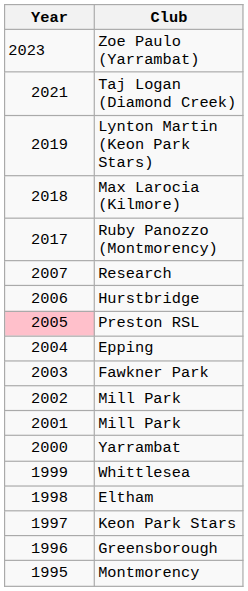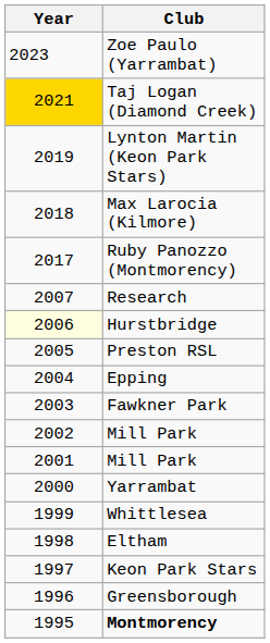 <table class="wikitable">
 <tr>
 <th style="width:70px;">Year</th>
 <th style="width:120px;">Club</th>
 </tr>
 <tr>
 <td>2023</td>
 <td>Zoe Paulo (Yarrambat)</td>
 </tr>
 <tr>
-<td style="text-align:center;">2021</td>
+<td style="background: gold; text-align:center;">2021</td>
 <td>Taj Logan (Diamond Creek)</td>
 </tr>
 <tr>
 <td style="text-align:center;">2019</td>
 <td>Lynton Martin (Keon Park Stars)</td>
 </tr>
 <tr>
 <td style="text-align:center;">2018</td>
 <td>Max Larocia (Kilmore)</td>
 </tr>
 <tr>
 <td style="text-align:center;">2017</td>
 <td>Ruby Panozzo (Montmorency)</td>
 </tr>
 <tr>
 <td style="text-align:center;">2007</td>
 <td>Research</td>
 </tr>
 <tr>
-<td style="text-align:center;">2006</td>
+<td style="background: lightyellow; text-align:center;">2006</td>
 <td>Hurstbridge</td>
 </tr>
 <tr>
-<td style="background: pink; text-align:center;">2005</td>
+<td style="text-align:center;">2005</td>
 <td>Preston RSL</td>
 </tr>
 <tr>
 <td style="text-align:center;">2004</td>
 <td>Epping</td>
 </tr>
 <tr>
 <td style="text-align:center;">2003</td>
 <td>Fawkner Park</td>
 </tr>
 <tr>
 <td style="text-align:center;">2002</td>
 <td>Mill Park</td>
 </tr>
 <tr>
 <td style="text-align:center;">2001</td>
 <td>Mill Park</td>
 </tr>
 <tr>
 <td style="text-align:center;">2000</td>
 <td>Yarrambat</td>
 </tr>
 <tr>
 <td style="text-align:center;">1999</td>
 <td>Whittlesea</td>
 </tr>
 <tr>
 <td style="text-align:center;">1998</td>
 <td>Eltham</td>
 </tr>
 <tr>
 <td style="text-align:center;">1997</td>
 <td>Keon Park Stars</td>
 </tr>
 <tr>
 <td style="text-align:center;">1996</td>
 <td>Greensborough</td>
 </tr>
 <tr>
 <td style="text-align:center;">1995</td>
-<td>Montmorency</td>
+<td><strong>Montmorency</strong></td>
 </tr>
 </table>
